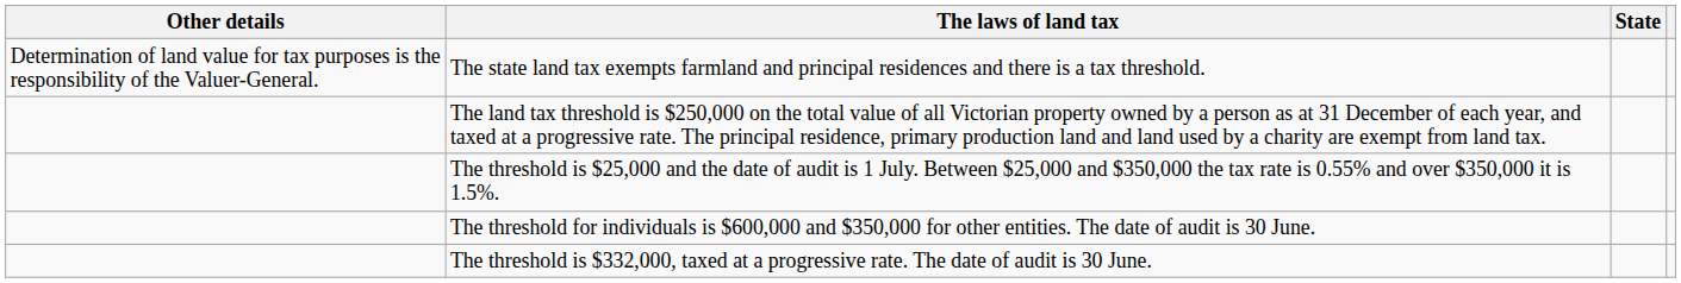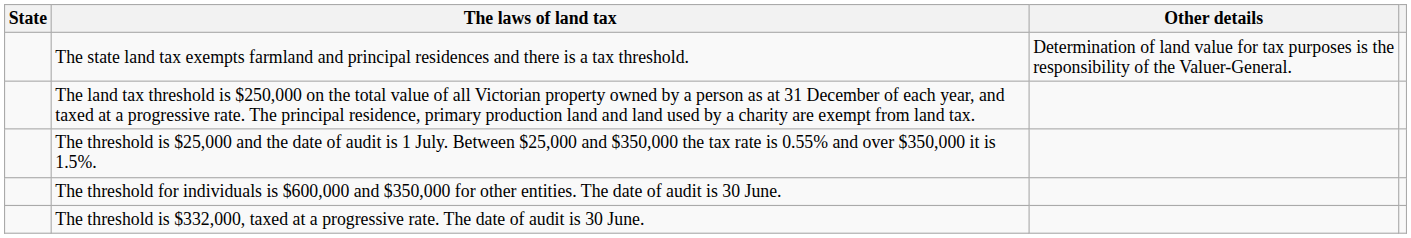 <table class="wikitable" style="width:100%;">
 <tr>
+<th>State</th>
+<th>The laws of land tax</th>
 <th>Other details</th>
-<th>The laws of land tax</th>
-<th>State</th>
 <th></th>
 </tr>
 <tr>
+<td></td>
+<td>The state land tax exempts farmland and principal residences and there is a tax threshold.</td>
 <td>Determination of land value for tax purposes is the responsibility of the Valuer-General.</td>
-<td>The state land tax exempts farmland and principal residences and there is a tax threshold.</td>
-<td></td>
 <td></td>
 </tr>
 <tr>
 <td></td>
 <td>The land tax threshold is $250,000 on the total value of all Victorian property owned by a person as at 31 December of each year, and taxed at a progressive rate. The principal residence, primary production land and land used by a charity are exempt from land tax.</td>
 <td></td>
 <td></td>
 </tr>
 <tr>
 <td></td>
 <td>The threshold is $25,000 and the date of audit is 1 July. Between $25,000 and $350,000 the tax rate is 0.55% and over $350,000 it is 1.5%.</td>
 <td></td>
 <td></td>
 </tr>
 <tr>
 <td></td>
 <td>The threshold for individuals is $600,000 and $350,000 for other entities. The date of audit is 30 June.</td>
 <td></td>
 <td></td>
 </tr>
 <tr>
 <td></td>
 <td>The threshold is $332,000, taxed at a progressive rate. The date of audit is 30 June.</td>
 <td></td>
 <td></td>
 </tr>
 </table>
